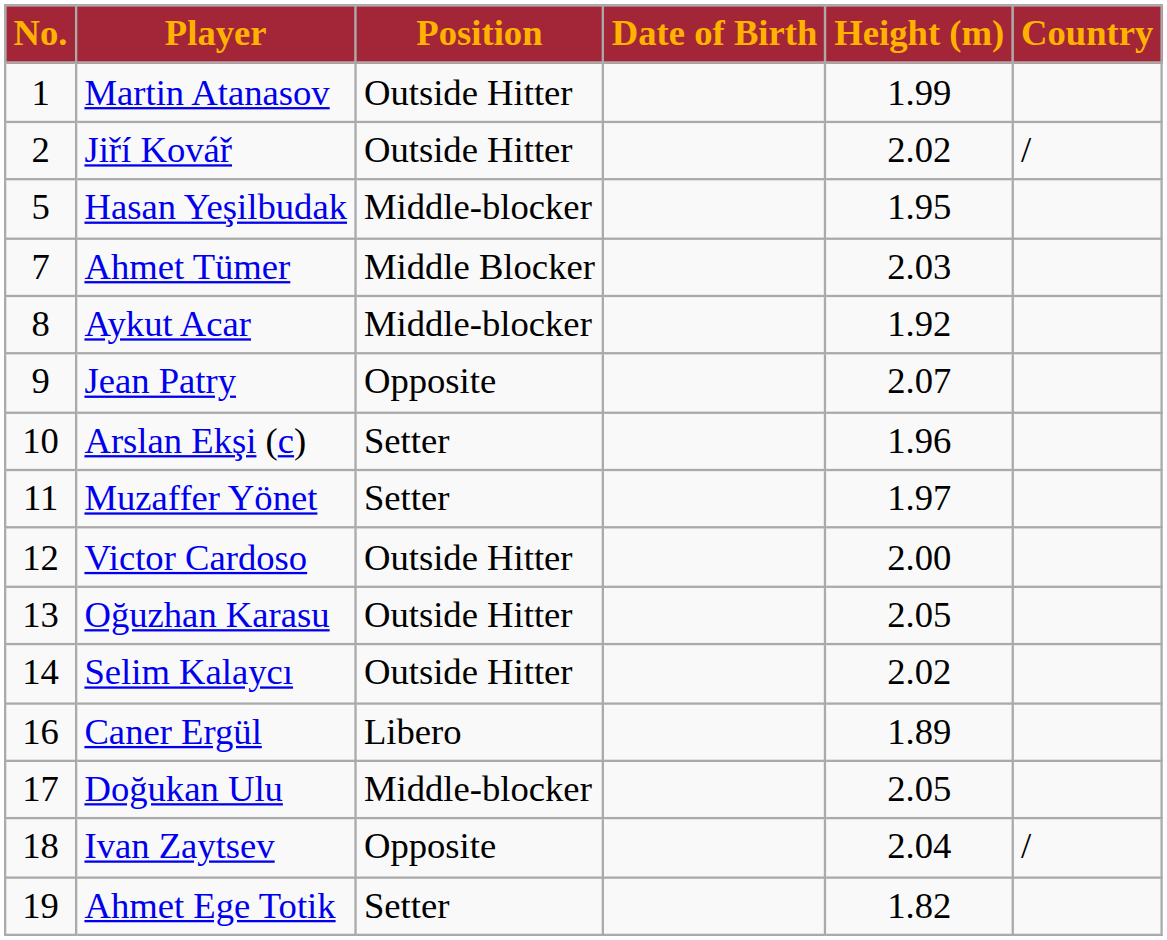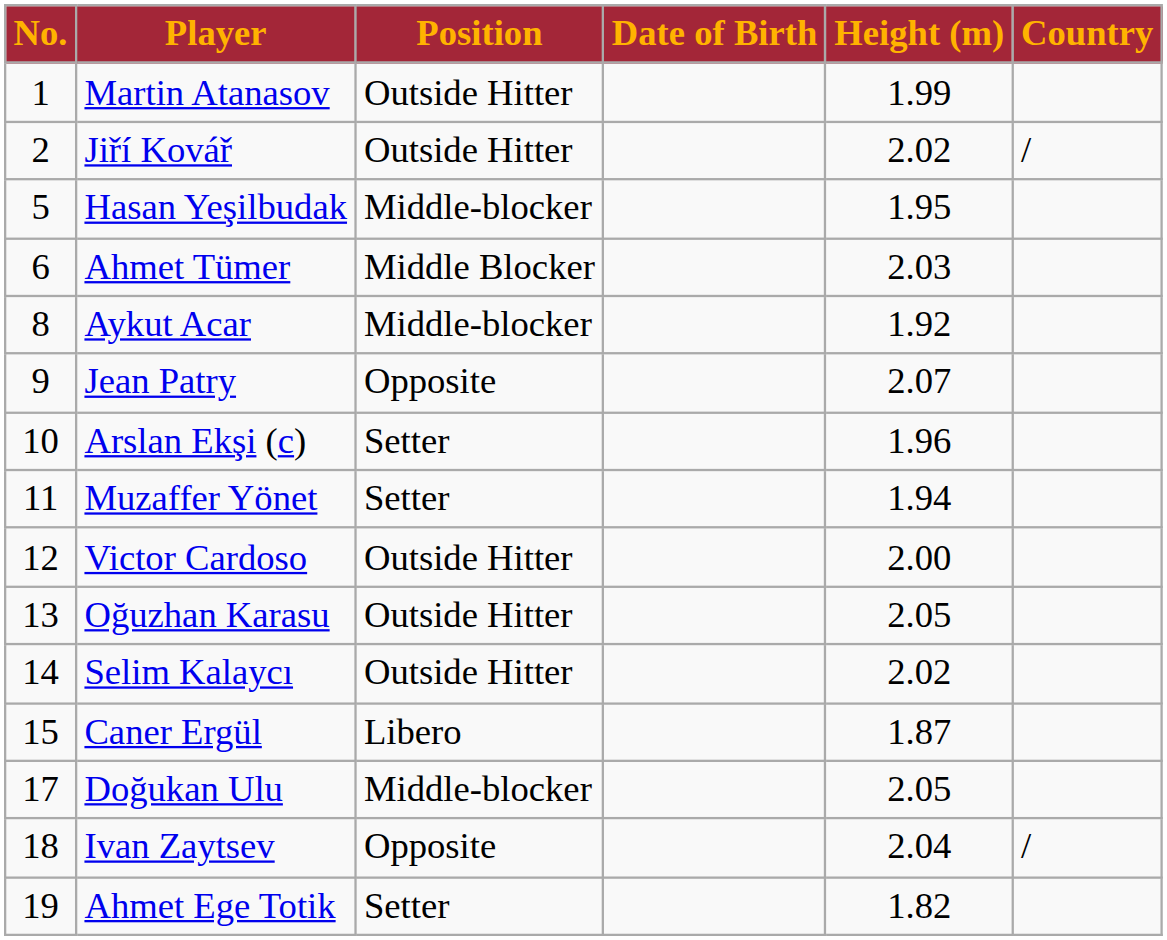 <table class="wikitable plainrowheaders sortable">
 <tr>
 <th style="background:#A32638; color:#FFB300; ">No.</th>
 <th style="background:#A32638; color:#FFB300; ">Player</th>
 <th style="background:#A32638; color:#FFB300; ">Position</th>
 <th style="background:#A32638; color:#FFB300; ">Date of Birth</th>
 <th style="background:#A32638; color:#FFB300; ">Height (m)</th>
 <th style="background:#A32638; color:#FFB300; ">Country</th>
 </tr>
 <tr>
 <td align="center">1</td>
 <td><a href='#'>Martin Atanasov</a></td>
 <td>Outside Hitter</td>
 <td></td>
 <td align="center">1.99</td>
 <td></td>
 </tr>
 <tr>
 <td align="center">2</td>
 <td><a href='#'>Jiří Kovář</a></td>
 <td>Outside Hitter</td>
 <td></td>
 <td align="center">2.02</td>
 <td> / </td>
 </tr>
 <tr>
 <td align="center">5</td>
 <td><a href='#'>Hasan Yeşilbudak</a></td>
 <td>Middle-blocker</td>
 <td></td>
 <td align="center">1.95</td>
 <td></td>
 </tr>
 <tr>
-<td align="center">7</td>
+<td align="center">6</td>
 <td><a href='#'>Ahmet Tümer</a></td>
 <td>Middle Blocker</td>
 <td></td>
 <td align="center">2.03</td>
 <td></td>
 </tr>
 <tr>
 <td align="center">8</td>
 <td><a href='#'>Aykut Acar</a></td>
 <td>Middle-blocker</td>
 <td></td>
 <td align="center">1.92</td>
 <td></td>
 </tr>
 <tr>
 <td align="center">9</td>
 <td><a href='#'>Jean Patry</a></td>
 <td>Opposite</td>
 <td></td>
 <td align="center">2.07</td>
 <td></td>
 </tr>
 <tr>
 <td align="center">10</td>
 <td><a href='#'>Arslan Ekşi</a> (<a href='#'>c</a>)</td>
 <td>Setter</td>
 <td></td>
 <td align="center">1.96</td>
 <td></td>
 </tr>
 <tr>
 <td align="center">11</td>
 <td><a href='#'>Muzaffer Yönet</a></td>
 <td>Setter</td>
 <td></td>
-<td align="center">1.97</td>
+<td align="center">1.94</td>
 <td></td>
 </tr>
 <tr>
 <td align="center">12</td>
 <td><a href='#'>Victor Cardoso</a></td>
 <td>Outside Hitter</td>
 <td></td>
 <td align="center">2.00</td>
 <td></td>
 </tr>
 <tr>
 <td align="center">13</td>
 <td><a href='#'>Oğuzhan Karasu</a></td>
 <td>Outside Hitter</td>
 <td></td>
 <td align="center">2.05</td>
 <td></td>
 </tr>
 <tr>
 <td align="center">14</td>
 <td><a href='#'>Selim Kalaycı</a></td>
 <td>Outside Hitter</td>
 <td></td>
 <td align="center">2.02</td>
 <td></td>
 </tr>
 <tr>
-<td align="center">16</td>
+<td align="center">15</td>
 <td><a href='#'>Caner Ergül</a></td>
 <td>Libero</td>
 <td></td>
-<td align="center">1.89</td>
+<td align="center">1.87</td>
 <td></td>
 </tr>
 <tr>
 <td align="center">17</td>
 <td><a href='#'>Doğukan Ulu</a></td>
 <td>Middle-blocker</td>
 <td></td>
 <td align="center">2.05</td>
 <td></td>
 </tr>
 <tr>
 <td align="center">18</td>
 <td><a href='#'>Ivan Zaytsev</a></td>
 <td>Opposite</td>
 <td></td>
 <td align="center">2.04</td>
 <td> / </td>
 </tr>
 <tr>
 <td align="center">19</td>
 <td><a href='#'>Ahmet Ege Totik</a></td>
 <td>Setter</td>
 <td></td>
 <td align="center">1.82</td>
 <td></td>
 </tr>
 </table>
